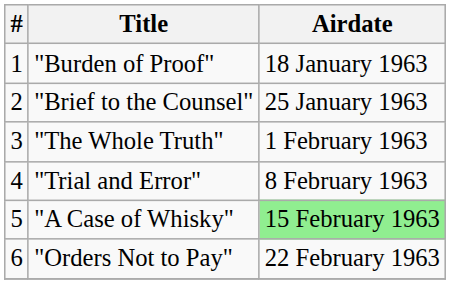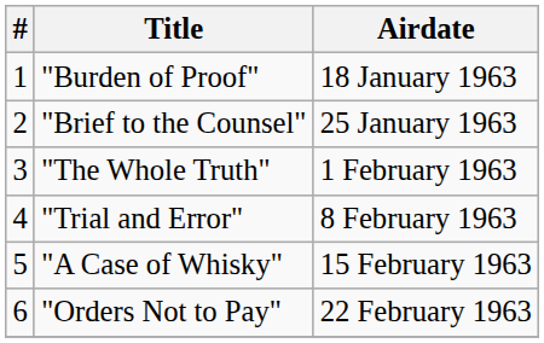 <table class="wikitable">
 <tr>
 <th>#</th>
 <th>Title</th>
 <th>Airdate</th>
 </tr>
 <tr>
 <td>1</td>
 <td>"Burden of Proof"</td>
 <td>18 January 1963</td>
 </tr>
 <tr>
 <td>2</td>
 <td>"Brief to the Counsel"</td>
 <td>25 January 1963</td>
 </tr>
 <tr>
 <td>3</td>
 <td>"The Whole Truth"</td>
 <td>1 February 1963</td>
 </tr>
 <tr>
 <td>4</td>
 <td>"Trial and Error"</td>
 <td>8 February 1963</td>
 </tr>
 <tr>
 <td>5</td>
 <td>"A Case of Whisky"</td>
-<td style="background: lightgreen;">15 February 1963</td>
+<td>15 February 1963</td>
 </tr>
 <tr>
 <td>6</td>
 <td>"Orders Not to Pay"</td>
 <td>22 February 1963</td>
 </tr>
 <tr>
 </tr>
 </table>
